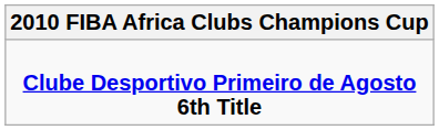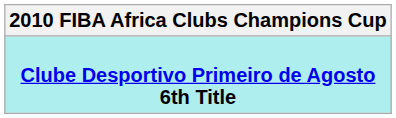 <table class=wikitable style="text-align:center; margin:auto">
 <tr>
 <th>2010 FIBA Africa Clubs Champions Cup</th>
 </tr>
 <tr>
-<td><br><strong><a href='#'>Clube Desportivo Primeiro de Agosto</a></strong><br><strong>6th Title</strong></td>
+<td style="background: paleturquoise;"><br><strong><a href='#'>Clube Desportivo Primeiro de Agosto</a></strong><br><strong>6th Title</strong></td>
 </tr>
 </table>
